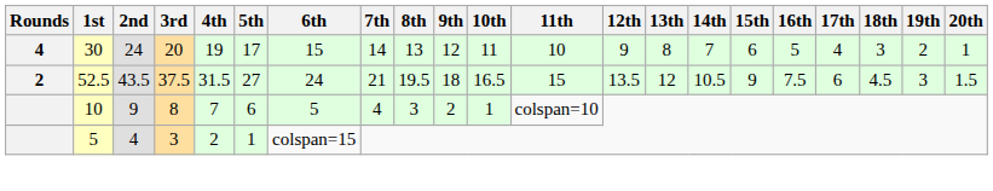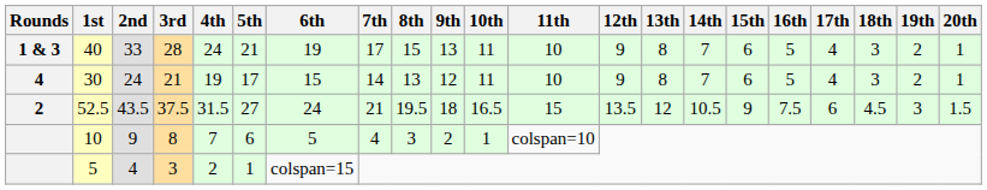 <table class="wikitable" style="font-size:85%; text-align:center;">
 <tr>
 <th>Rounds</th>
 <th>1st</th>
 <th>2nd</th>
 <th>3rd</th>
 <th>4th</th>
 <th>5th</th>
 <th>6th</th>
 <th>7th</th>
 <th>8th</th>
 <th>9th</th>
 <th>10th</th>
 <th>11th</th>
 <th>12th</th>
 <th>13th</th>
 <th>14th</th>
 <th>15th</th>
 <th>16th</th>
 <th>17th</th>
 <th>18th</th>
 <th>19th</th>
 <th>20th</th>
 </tr>
 <tr>
+<th>1 & 3</th>
+<td style="background:#ffffbf;">40</td>
+<td style="background:#dfdfdf;">33</td>
+<td style="background:#ffdf9f;">28</td>
+<td style="background:#dfffdf;">24</td>
+<td style="background:#dfffdf;">21</td>
+<td style="background:#dfffdf;">19</td>
+<td style="background:#dfffdf;">17</td>
+<td style="background:#dfffdf;">15</td>
+<td style="background:#dfffdf;">13</td>
+<td style="background:#dfffdf;">11</td>
+<td style="background:#dfffdf;">10</td>
+<td style="background:#dfffdf;">9</td>
+<td style="background:#dfffdf;">8</td>
+<td style="background:#dfffdf;">7</td>
+<td style="background:#dfffdf;">6</td>
+<td style="background:#dfffdf;">5</td>
+<td style="background:#dfffdf;">4</td>
+<td style="background:#dfffdf;">3</td>
+<td style="background:#dfffdf;">2</td>
+<td style="background:#dfffdf;">1</td>
+</tr>
+<tr>
 <th>4</th>
 <td style="background:#ffffbf;">30</td>
 <td style="background:#dfdfdf;">24</td>
-<td style="background:#ffdf9f;">20</td>
+<td style="background:#ffdf9f;">21</td>
 <td style="background:#dfffdf;">19</td>
 <td style="background:#dfffdf;">17</td>
 <td style="background:#dfffdf;">15</td>
 <td style="background:#dfffdf;">14</td>
 <td style="background:#dfffdf;">13</td>
 <td style="background:#dfffdf;">12</td>
 <td style="background:#dfffdf;">11</td>
 <td style="background:#dfffdf;">10</td>
 <td style="background:#dfffdf;">9</td>
 <td style="background:#dfffdf;">8</td>
 <td style="background:#dfffdf;">7</td>
 <td style="background:#dfffdf;">6</td>
 <td style="background:#dfffdf;">5</td>
 <td style="background:#dfffdf;">4</td>
 <td style="background:#dfffdf;">3</td>
 <td style="background:#dfffdf;">2</td>
 <td style="background:#dfffdf;">1</td>
 </tr>
 <tr>
 <th>2</th>
 <td style="background:#ffffbf;">52.5</td>
 <td style="background:#dfdfdf;">43.5</td>
 <td style="background:#ffdf9f;">37.5</td>
 <td style="background:#dfffdf;">31.5</td>
 <td style="background:#dfffdf;">27</td>
 <td style="background:#dfffdf;">24</td>
 <td style="background:#dfffdf;">21</td>
 <td style="background:#dfffdf;">19.5</td>
 <td style="background:#dfffdf;">18</td>
 <td style="background:#dfffdf;">16.5</td>
 <td style="background:#dfffdf;">15</td>
 <td style="background:#dfffdf;">13.5</td>
 <td style="background:#dfffdf;">12</td>
 <td style="background:#dfffdf;">10.5</td>
 <td style="background:#dfffdf;">9</td>
 <td style="background:#dfffdf;">7.5</td>
 <td style="background:#dfffdf;">6</td>
 <td style="background:#dfffdf;">4.5</td>
 <td style="background:#dfffdf;">3</td>
 <td style="background:#dfffdf;">1.5</td>
 </tr>
 <tr>
 <th></th>
 <td style="background:#ffffbf;">10</td>
 <td style="background:#dfdfdf;">9</td>
 <td style="background:#ffdf9f;">8</td>
 <td style="background:#dfffdf;">7</td>
 <td style="background:#dfffdf;">6</td>
 <td style="background:#dfffdf;">5</td>
 <td style="background:#dfffdf;">4</td>
 <td style="background:#dfffdf;">3</td>
 <td style="background:#dfffdf;">2</td>
 <td style="background:#dfffdf;">1</td>
 <td>colspan=10 </td>
 </tr>
 <tr>
 <th></th>
 <td style="background:#ffffbf;">5</td>
 <td style="background:#dfdfdf;">4</td>
 <td style="background:#ffdf9f;">3</td>
 <td style="background:#dfffdf;">2</td>
 <td style="background:#dfffdf;">1</td>
 <td>colspan=15 </td>
 </tr>
 </table>
